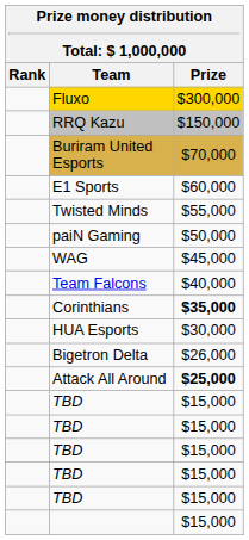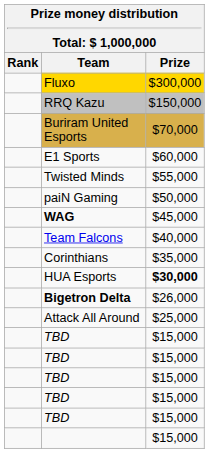 <table class="wikitable" style="text-align:center">
 <tr>
 <th colspan=4>Prize money distribution <hr> Total: $ 1,000,000</th>
 </tr>
 <tr>
 <th>Rank</th>
 <th width="125px">Team</th>
 <th>Prize </th>
 </tr>
 <tr>
 <td></td>
 <td align=left style="background:gold"> Fluxo</td>
 <td style="background:gold">$300,000</td>
 </tr>
 <tr>
 <td></td>
 <td align=left style="background:silver"> RRQ Kazu</td>
 <td style="background:silver">$150,000</td>
 </tr>
 <tr>
 <td></td>
 <td align=left style="background:#D8B04C"> Buriram United Esports</td>
 <td style="background:#D8B04C">$70,000</td>
 </tr>
 <tr>
 <td></td>
 <td style="text-align:left"> E1 Sports</td>
 <td>$60,000</td>
 </tr>
 <tr>
 <td></td>
 <td style="text-align:left"> Twisted Minds</td>
 <td>$55,000</td>
 </tr>
 <tr>
 <td></td>
 <td style="text-align:left"> paiN Gaming</td>
 <td>$50,000</td>
 </tr>
 <tr>
 <td></td>
-<td style="text-align:left"> WAG</td>
+<td style="text-align:left"><strong> WAG</strong></td>
 <td>$45,000</td>
 </tr>
 <tr>
 <td></td>
 <td style="text-align:left"> <a href='#'>Team Falcons</a></td>
 <td>$40,000</td>
 </tr>
 <tr>
 <td></td>
 <td style="text-align:left"> Corinthians</td>
-<td><strong>$35,000</strong></td>
+<td>$35,000</td>
 </tr>
 <tr>
 <td></td>
 <td style="text-align:left"> HUA Esports</td>
-<td>$30,000</td>
+<td><strong>$30,000</strong></td>
 </tr>
 <tr>
 <td></td>
-<td style="text-align:left"> Bigetron Delta</td>
+<td style="text-align:left"><strong> Bigetron Delta</strong></td>
 <td>$26,000</td>
 </tr>
 <tr>
 <td></td>
 <td style="text-align:left"> Attack All Around</td>
-<td><strong>$25,000</strong></td>
+<td>$25,000</td>
 </tr>
 <tr>
 <td></td>
 <td style="text-align:left"> <em>TBD</em></td>
 <td>$15,000</td>
 </tr>
 <tr>
 <td></td>
 <td style="text-align:left"> <em>TBD</em></td>
 <td>$15,000</td>
 </tr>
 <tr>
 <td></td>
 <td style="text-align:left"> <em>TBD</em></td>
 <td>$15,000</td>
 </tr>
 <tr>
 <td></td>
 <td style="text-align:left"> <em>TBD</em></td>
 <td>$15,000</td>
 </tr>
 <tr>
 <td></td>
 <td style="text-align:left"> <em>TBD</em></td>
 <td>$15,000</td>
 </tr>
 <tr>
 <td></td>
 <td style="text-align:left"></td>
 <td>$15,000</td>
 </tr>
 </table>
